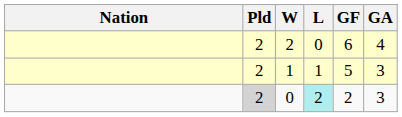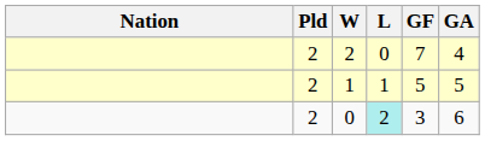 <table class=wikitable style="text-align:center">
 <tr>
 <th width=220]]>Nation</th>
 <th width=20]]>Pld</th>
 <th width=20>W</th>
 <th width=20]]>L</th>
 <th width=20]]>GF</th>
 <th width=20]]>GA</th>
 </tr>
 <tr bgcolor=#ffffcc>
 <td align=left></td>
 <td>2</td>
 <td>2</td>
 <td>0</td>
-<td>6</td>
+<td>7</td>
 <td>4</td>
 </tr>
 <tr bgcolor=#ffffcc>
 <td align=left></td>
 <td>2</td>
 <td>1</td>
 <td>1</td>
 <td>5</td>
-<td>3</td>
+<td>5</td>
 </tr>
 <tr>
 <td align=left></td>
-<td style="background: lightgrey;">2</td>
+<td>2</td>
 <td>0</td>
 <td style="background: paleturquoise;">2</td>
-<td>2</td>
 <td>3</td>
+<td>6</td>
 </tr>
 </table>
